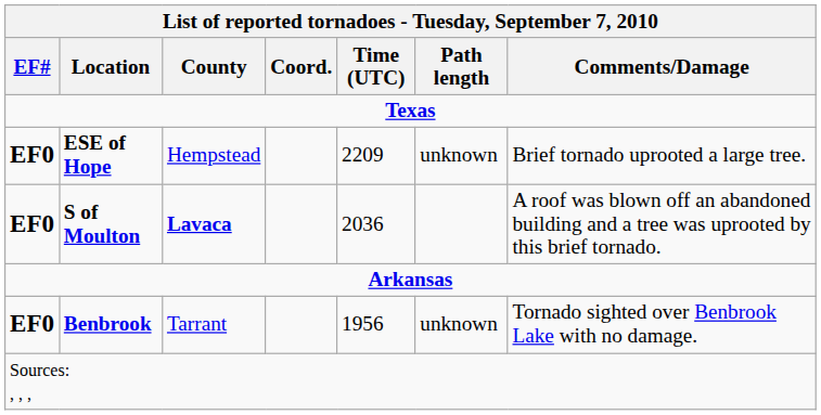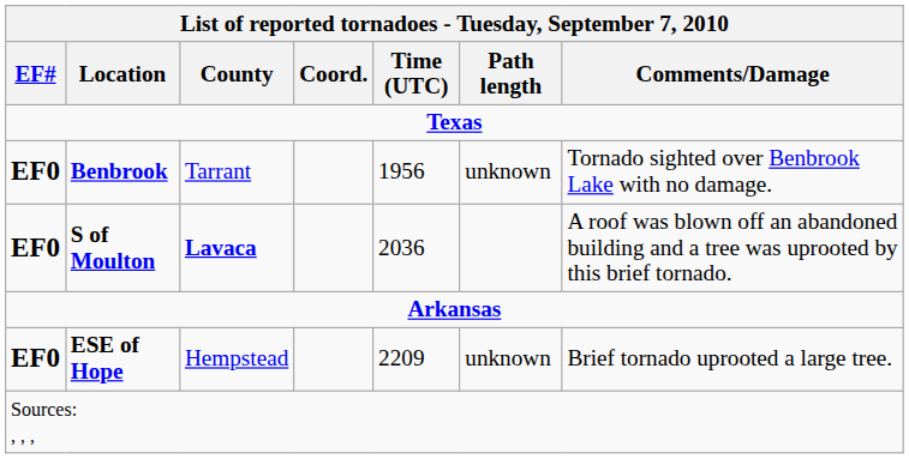 <table class="wikitable collapsible" width="100%">
 <tr>
 <th colspan="7">List of reported tornadoes - Tuesday, September 7, 2010</th>
 </tr>
 <tr>
 <th><a href='#'>EF#</a></th>
 <th>Location</th>
 <th>County</th>
 <th>Coord.</th>
 <th>Time (UTC)</th>
 <th>Path length</th>
 <th>Comments/Damage</th>
 </tr>
 <tr>
 <td colspan="7" align=center><strong><a href='#'>Texas</a></strong></td>
 </tr>
 <tr>
 <td><big><strong>EF0</strong></big></td>
-<td><strong>ESE of <a href='#'>Hope</a></strong></td>
-<td><a href='#'>Hempstead</a></td>
+<td><strong><a href='#'>Benbrook</a></strong></td>
+<td><a href='#'>Tarrant</a></td>
 <td></td>
-<td>2209</td>
+<td>1956</td>
 <td>unknown</td>
-<td>Brief tornado uprooted a large tree.</td>
+<td>Tornado sighted over <a href='#'>Benbrook Lake</a> with no damage.</td>
 </tr>
 <tr>
 <td><big><strong>EF0</strong></big></td>
 <td><strong>S of <a href='#'>Moulton</a></strong></td>
 <td><strong><a href='#'>Lavaca</a></strong></td>
 <td></td>
 <td>2036</td>
 <td></td>
 <td>A roof was blown off an abandoned building and a tree was uprooted by this brief tornado.</td>
 </tr>
 <tr>
 <td colspan="7" align=center><strong><a href='#'>Arkansas</a></strong></td>
 </tr>
 <tr>
 <td><big><strong>EF0</strong></big></td>
-<td><strong><a href='#'>Benbrook</a></strong></td>
-<td><a href='#'>Tarrant</a></td>
+<td><strong>ESE of <a href='#'>Hope</a></strong></td>
+<td><a href='#'>Hempstead</a></td>
 <td></td>
-<td>1956</td>
+<td>2209</td>
 <td>unknown</td>
-<td>Tornado sighted over <a href='#'>Benbrook Lake</a> with no damage.</td>
+<td>Brief tornado uprooted a large tree.</td>
 </tr>
 <tr>
 <td colspan="7"><small>Sources:<br>, , , </small></td>
 </tr>
 </table>
